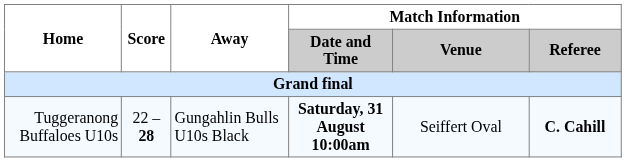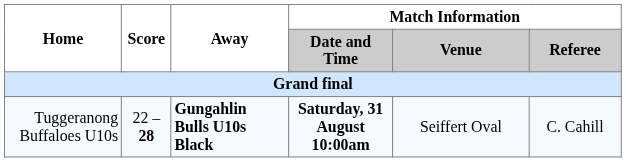 <table border="1" cellpadding="3" cellspacing="0" width="100%" style="border-collapse:collapse;  text-align:center;">
 <tr>
 <th rowspan="2" width="19%">Home</th>
 <th rowspan="2" width="8%">Score</th>
 <th rowspan="2" width="19%">Away</th>
 <th colspan="3">Match Information</th>
 </tr>
 <tr bgcolor="#CCCCCC">
 <th width="17%">Date and Time</th>
 <th width="22%">Venue</th>
 <th width="50%">Referee</th>
 </tr>
 <tr style="background:#d0e7ff;">
 <td colspan="6"><strong>Grand final</strong></td>
 </tr>
 <tr style="text-align:center; background:#f5faff;">
 <td align="right">Tuggeranong Buffaloes U10s </td>
 <td>22 – <strong>28</strong></td>
-<td align="left"> Gungahlin Bulls U10s Black</td>
+<td align="left"><strong> Gungahlin Bulls U10s Black</strong></td>
 <td><strong>Saturday, 31 August 10:00am</strong></td>
 <td>Seiffert Oval</td>
-<td><strong>C. Cahill</strong></td>
+<td>C. Cahill</td>
 </tr>
 </table>
